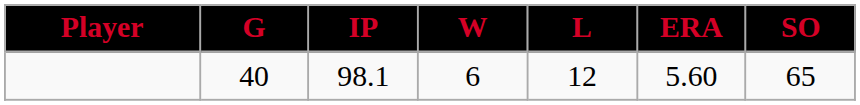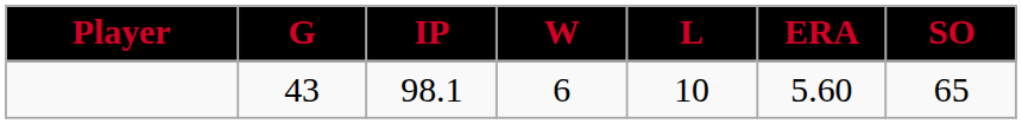 <table class="wikitable sortable">
 <tr>
 <th style="background:black;color:#d40026;" width="16%">Player</th>
 <th style="background:black;color:#d40026;" width="9%">G</th>
 <th style="background:black;color:#d40026;" width="9%">IP</th>
 <th style="background:black;color:#d40026;" width="9%">W</th>
 <th style="background:black;color:#d40026;" width="9%">L</th>
 <th style="background:black;color:#d40026;" width="9%">ERA</th>
 <th style="background:black;color:#d40026;" width="9%">SO</th>
 </tr>
 <tr align="center">
 <td></td>
-<td>40</td>
+<td>43</td>
 <td>98.1</td>
 <td>6</td>
-<td>12</td>
+<td>10</td>
 <td>5.60</td>
 <td>65</td>
 </tr>
 </table>
